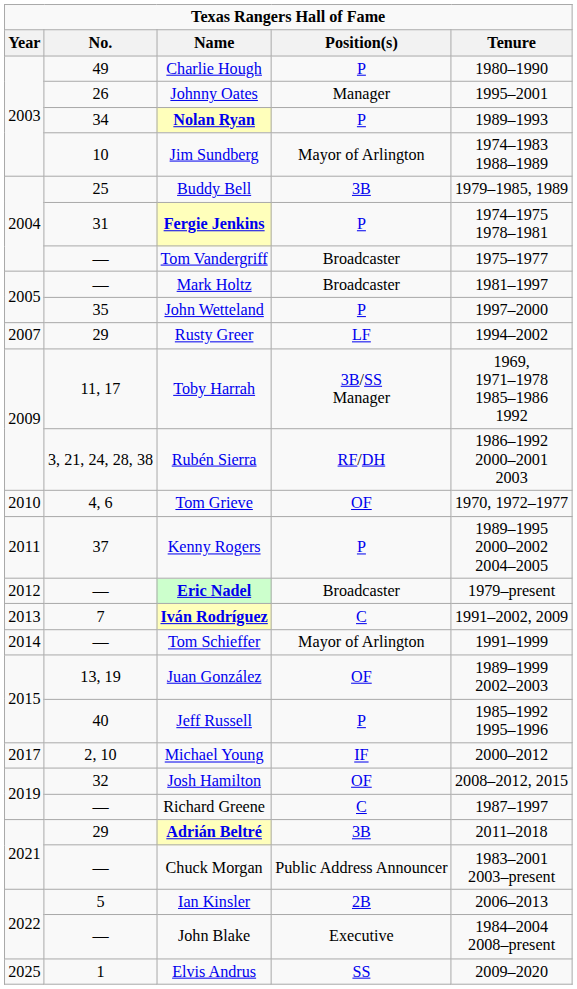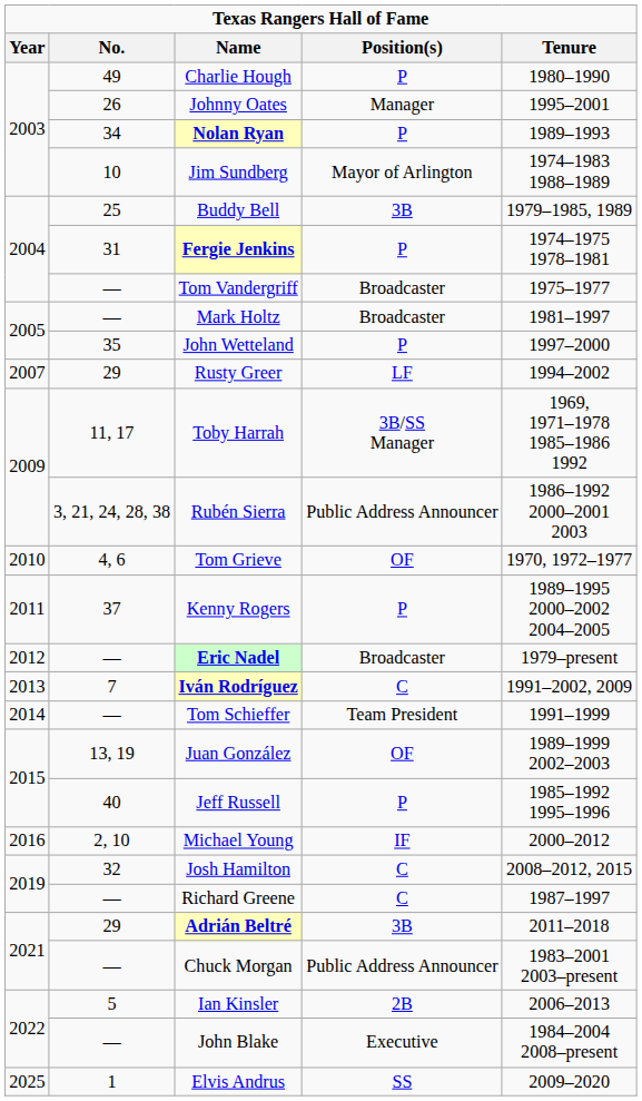 <table class="wikitable" style="text-align:center">
 <tr>
 <td colspan="5"><strong>Texas Rangers Hall of Fame</strong></td>
 </tr>
 <tr>
 <th scope="col">Year</th>
 <th scope="col">No.</th>
 <th scope="col">Name</th>
 <th scope="col">Position(s)</th>
 <th scope="col">Tenure</th>
 </tr>
 <tr>
 <td rowspan=4>2003</td>
 <td>49</td>
 <td><a href='#'>Charlie Hough</a></td>
 <td><a href='#'>P</a></td>
 <td>1980–1990</td>
 </tr>
 <tr>
 <td>26</td>
 <td><a href='#'>Johnny Oates</a></td>
 <td>Manager</td>
 <td>1995–2001</td>
 </tr>
 <tr>
 <td>34</td>
 <td style="background:#ffb;"><strong><a href='#'>Nolan Ryan</a></strong></td>
 <td><a href='#'>P</a></td>
 <td>1989–1993</td>
 </tr>
 <tr>
 <td>10</td>
 <td><a href='#'>Jim Sundberg</a></td>
 <td>Mayor of Arlington</td>
 <td>1974–1983<br>1988–1989</td>
 </tr>
 <tr>
 <td rowspan=3>2004</td>
 <td>25</td>
 <td><a href='#'>Buddy Bell</a></td>
 <td><a href='#'>3B</a></td>
 <td>1979–1985, 1989</td>
 </tr>
 <tr>
 <td>31</td>
 <td style="background:#ffb;"><strong><a href='#'>Fergie Jenkins</a></strong></td>
 <td><a href='#'>P</a></td>
 <td>1974–1975<br>1978–1981</td>
 </tr>
 <tr>
 <td>—</td>
 <td><a href='#'>Tom Vandergriff</a></td>
 <td>Broadcaster</td>
 <td>1975–1977</td>
 </tr>
 <tr>
 <td rowspan=2>2005</td>
 <td>—</td>
 <td><a href='#'>Mark Holtz</a></td>
 <td>Broadcaster</td>
 <td>1981–1997</td>
 </tr>
 <tr>
 <td>35</td>
 <td><a href='#'>John Wetteland</a></td>
 <td><a href='#'>P</a></td>
 <td>1997–2000</td>
 </tr>
 <tr>
 <td>2007</td>
 <td>29</td>
 <td><a href='#'>Rusty Greer</a></td>
 <td><a href='#'>LF</a></td>
 <td>1994–2002</td>
 </tr>
 <tr>
 <td rowspan=2>2009</td>
 <td>11, 17</td>
 <td><a href='#'>Toby Harrah</a></td>
 <td><a href='#'>3B</a>/<a href='#'>SS</a><br>Manager</td>
 <td>1969,<br>1971–1978<br>1985–1986<br>1992</td>
 </tr>
 <tr>
 <td>3, 21, 24, 28, 38</td>
 <td><a href='#'>Rubén Sierra</a></td>
-<td><a href='#'>RF</a>/<a href='#'>DH</a></td>
+<td>Public Address Announcer</td>
 <td>1986–1992<br>2000–2001<br>2003</td>
 </tr>
 <tr>
 <td>2010</td>
 <td>4, 6</td>
 <td><a href='#'>Tom Grieve</a></td>
 <td><a href='#'>OF</a></td>
 <td>1970, 1972–1977</td>
 </tr>
 <tr>
 <td>2011</td>
 <td>37</td>
 <td><a href='#'>Kenny Rogers</a></td>
 <td><a href='#'>P</a></td>
 <td>1989–1995<br>2000–2002<br>2004–2005</td>
 </tr>
 <tr>
 <td>2012</td>
 <td>—</td>
 <td style="background:#cfc;"><strong><a href='#'>Eric Nadel</a></strong></td>
 <td>Broadcaster</td>
 <td>1979–present</td>
 </tr>
 <tr>
 <td>2013</td>
 <td>7</td>
 <td style="background:#ffb;"><strong><a href='#'>Iván Rodríguez</a></strong></td>
 <td><a href='#'>C</a></td>
 <td>1991–2002, 2009</td>
 </tr>
 <tr>
 <td>2014</td>
 <td>—</td>
 <td><a href='#'>Tom Schieffer</a></td>
-<td>Mayor of Arlington</td>
+<td>Team President</td>
 <td>1991–1999</td>
 </tr>
 <tr>
 <td rowspan=2>2015</td>
 <td>13, 19</td>
 <td><a href='#'>Juan González</a></td>
 <td><a href='#'>OF</a></td>
 <td>1989–1999<br>2002–2003</td>
 </tr>
 <tr>
 <td>40</td>
 <td><a href='#'>Jeff Russell</a></td>
 <td><a href='#'>P</a></td>
 <td>1985–1992<br>1995–1996</td>
 </tr>
 <tr>
-<td>2017</td>
+<td>2016</td>
 <td>2, 10</td>
 <td><a href='#'>Michael Young</a></td>
 <td><a href='#'>IF</a></td>
 <td>2000–2012</td>
 </tr>
 <tr>
 <td rowspan=2>2019</td>
 <td>32</td>
 <td><a href='#'>Josh Hamilton</a></td>
-<td><a href='#'>OF</a></td>
+<td><a href='#'>C</a></td>
 <td>2008–2012, 2015</td>
 </tr>
 <tr>
 <td>—</td>
 <td>Richard Greene</td>
 <td><a href='#'>C</a></td>
 <td>1987–1997</td>
 </tr>
 <tr>
 <td rowspan=2>2021</td>
 <td>29</td>
 <td style="background:#ffb;"><strong><a href='#'>Adrián Beltré</a></strong></td>
 <td><a href='#'>3B</a></td>
 <td>2011–2018</td>
 </tr>
 <tr>
 <td>—</td>
 <td>Chuck Morgan</td>
 <td>Public Address Announcer</td>
 <td>1983–2001<br>2003–present</td>
 </tr>
 <tr>
 <td rowspan=2>2022</td>
 <td>5</td>
 <td><a href='#'>Ian Kinsler</a></td>
 <td><a href='#'>2B</a></td>
 <td>2006–2013</td>
 </tr>
 <tr>
 <td>—</td>
 <td>John Blake</td>
 <td>Executive</td>
 <td>1984–2004<br>2008–present</td>
 </tr>
 <tr>
 <td>2025</td>
 <td>1</td>
 <td><a href='#'>Elvis Andrus</a></td>
 <td><a href='#'>SS</a></td>
 <td>2009–2020</td>
 </tr>
 </table>
